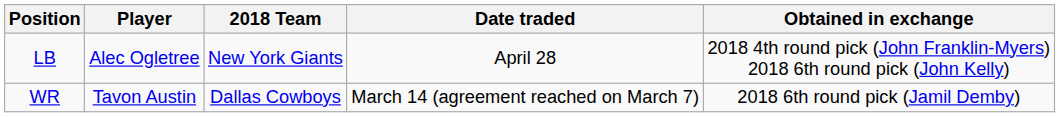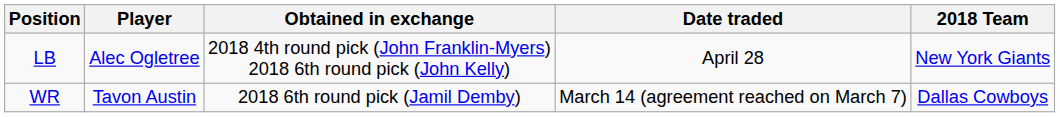 <table class="wikitable" style="text-align:center">
 <tr>
 <th>Position</th>
 <th>Player</th>
+<th>Obtained in exchange</th>
+<th>Date traded</th>
 <th>2018 Team</th>
-<th>Date traded</th>
-<th>Obtained in exchange</th>
 </tr>
 <tr>
 <td><a href='#'>LB</a></td>
 <td><a href='#'>Alec Ogletree</a></td>
+<td>2018 4th round pick (<a href='#'>John Franklin-Myers</a>) <br> 2018 6th round pick (<a href='#'>John Kelly</a>)</td>
+<td>April 28</td>
 <td><a href='#'>New York Giants</a></td>
-<td>April 28</td>
-<td>2018 4th round pick (<a href='#'>John Franklin-Myers</a>) <br> 2018 6th round pick (<a href='#'>John Kelly</a>)</td>
 </tr>
 <tr>
 <td><a href='#'>WR</a></td>
 <td><a href='#'>Tavon Austin</a></td>
+<td>2018 6th round pick (<a href='#'>Jamil Demby</a>)</td>
+<td>March 14 (agreement reached on March 7)</td>
 <td><a href='#'>Dallas Cowboys</a></td>
-<td>March 14 (agreement reached on March 7)</td>
-<td>2018 6th round pick (<a href='#'>Jamil Demby</a>)</td>
 </tr>
 </table>
